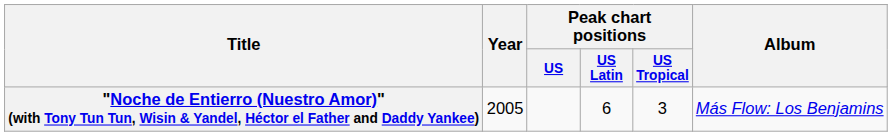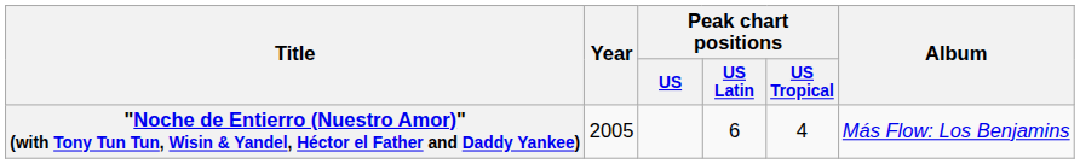 <table class="wikitable plainrowheaders">
 <tr>
 <th rowspan="2">Title</th>
 <th rowspan="2">Year</th>
 <th colspan="3">Peak chart positions</th>
 <th rowspan="2">Album</th>
 </tr>
 <tr style="font-size:smaller;">
 <th width="45"><a href='#'>US</a><br></th>
 <th width="45"><a href='#'>US Latin</a><br></th>
 <th width="45"><a href='#'>US<br>Tropical</a><br></th>
 </tr>
 <tr>
 <th scope="row">"<a href='#'>Noche de Entierro (Nuestro Amor)</a>"<br><small>(with <a href='#'>Tony Tun Tun</a>, <a href='#'>Wisin & Yandel</a>, <a href='#'>Héctor el Father</a> and <a href='#'>Daddy Yankee</a>)</small></th>
 <td>2005</td>
 <td align="center"></td>
 <td align="center">6</td>
-<td align="center">3</td>
+<td align="center">4</td>
 <td><em><a href='#'>Más Flow: Los Benjamins</a></em></td>
 </tr>
 </table>
